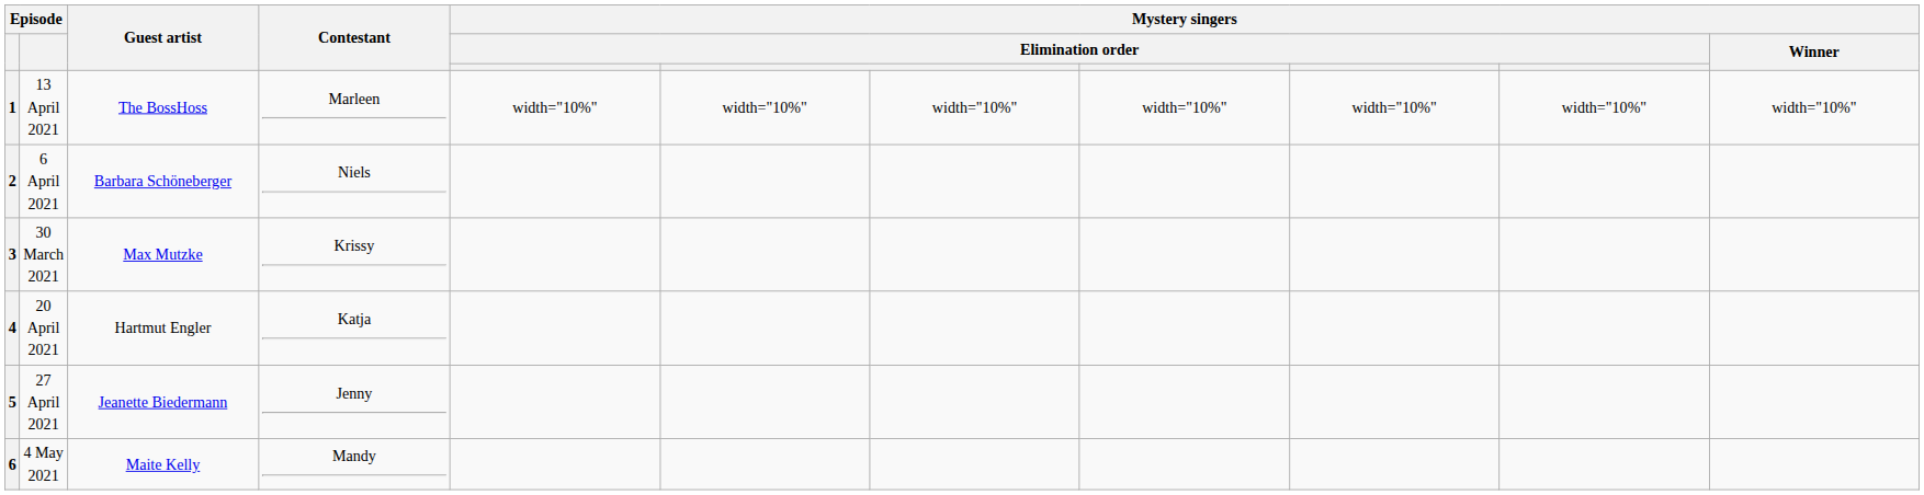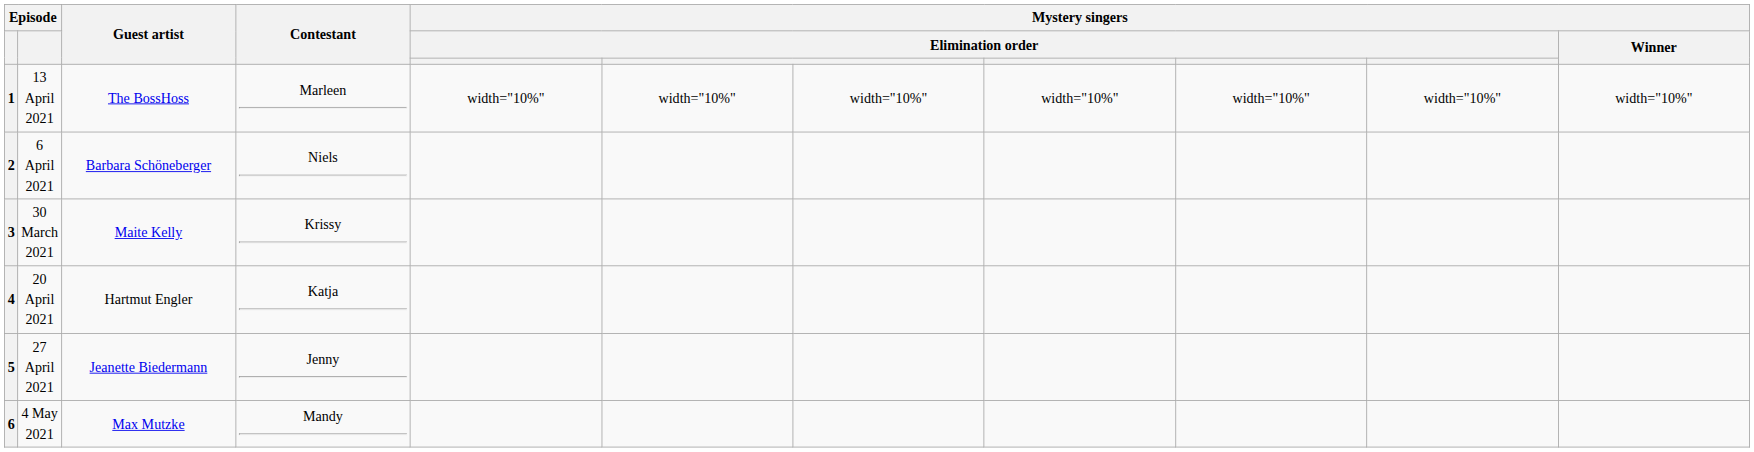 <table class="wikitable plainrowheaders mw-collapsible" style="text-align:center; line-height:23px; width:100%;">
 <tr>
 <th colspan="2" width="1%">Episode</th>
 <th rowspan="3" width="10%">Guest artist</th>
 <th rowspan="3" width="10%">Contestant</th>
 <th colspan="7">Mystery singers<br></th>
 </tr>
 <tr>
 <th rowspan="2"></th>
 <th rowspan="2"></th>
 <th colspan="6">Elimination order</th>
 <th rowspan="2">Winner</th>
 </tr>
 <tr>
 <th></th>
 <th colspan="2"></th>
 <th></th>
 <th></th>
 <th></th>
 </tr>
 <tr>
 <th>1</th>
 <td>13 April 2021</td>
 <td><a href='#'>The BossHoss</a><br></td>
 <td>Marleen<hr></td>
 <td>width="10%" </td>
 <td>width="10%" </td>
 <td>width="10%" </td>
 <td>width="10%" </td>
 <td>width="10%" </td>
 <td>width="10%" </td>
 <td>width="10%" </td>
 </tr>
 <tr>
 <th>2</th>
 <td>6 April 2021</td>
 <td><a href='#'>Barbara Schöneberger</a><br></td>
 <td>Niels<hr></td>
 <td></td>
 <td></td>
 <td></td>
 <td></td>
 <td></td>
 <td></td>
 <td></td>
 </tr>
 <tr>
 <th>3</th>
 <td>30 March 2021</td>
-<td><a href='#'>Max Mutzke</a><br></td>
+<td><a href='#'>Maite Kelly</a><br></td>
 <td>Krissy<hr></td>
 <td></td>
 <td></td>
 <td></td>
 <td></td>
 <td></td>
 <td></td>
 <td></td>
 </tr>
 <tr>
 <th>4</th>
 <td>20 April 2021</td>
 <td>Hartmut Engler<br></td>
 <td>Katja<hr></td>
 <td></td>
 <td></td>
 <td></td>
 <td></td>
 <td></td>
 <td></td>
 <td></td>
 </tr>
 <tr>
 <th>5</th>
 <td>27 April 2021</td>
 <td><a href='#'>Jeanette Biedermann</a><br></td>
 <td>Jenny<hr></td>
 <td></td>
 <td></td>
 <td></td>
 <td></td>
 <td></td>
 <td></td>
 <td></td>
 </tr>
 <tr>
 <th>6</th>
 <td>4 May 2021</td>
-<td><a href='#'>Maite Kelly</a><br></td>
+<td><a href='#'>Max Mutzke</a><br></td>
 <td>Mandy<hr></td>
 <td></td>
 <td></td>
 <td></td>
 <td></td>
 <td></td>
 <td></td>
 <td></td>
 </tr>
 </table>
